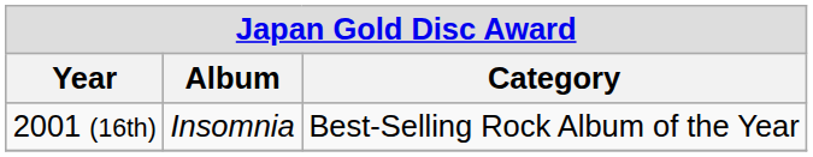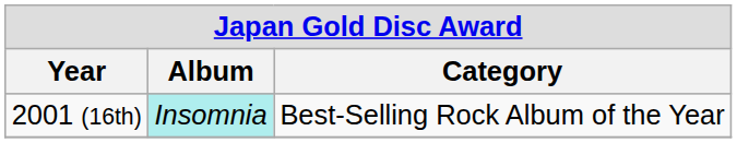 <table class="wikitable" border="1">
 <tr>
 <td colspan=3 bgcolor="#DDDDDD" align=center><strong><a href='#'>Japan Gold Disc Award</a></strong></td>
 </tr>
 <tr>
 <th align="center">Year</th>
 <th align="center">Album</th>
 <th align="center">Category</th>
 </tr>
 <tr>
 <td>2001 <small>(16th)</small></td>
-<td align="left"><em>Insomnia</em></td>
+<td align="left" style="background: paleturquoise;"><em>Insomnia</em></td>
 <td align="left">Best-Selling Rock Album of the Year</td>
 </tr>
 <tr>
 </tr>
 </table>
